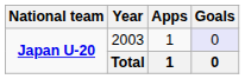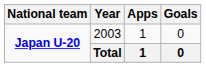 <table class="wikitable" style="font-size:90%; text-align: center">
 <tr>
 <th>National team</th>
 <th>Year</th>
 <th>Apps</th>
 <th>Goals</th>
 </tr>
 <tr>
 <td rowspan="2"><strong><a href='#'>Japan U-20</a></strong></td>
 <td>2003</td>
 <td>1</td>
-<td style="background: lavender;">0</td>
+<td>0</td>
 </tr>
 <tr>
 <th colspan=1>Total</th>
 <th>1</th>
 <th>0</th>
 </tr>
 </table>
